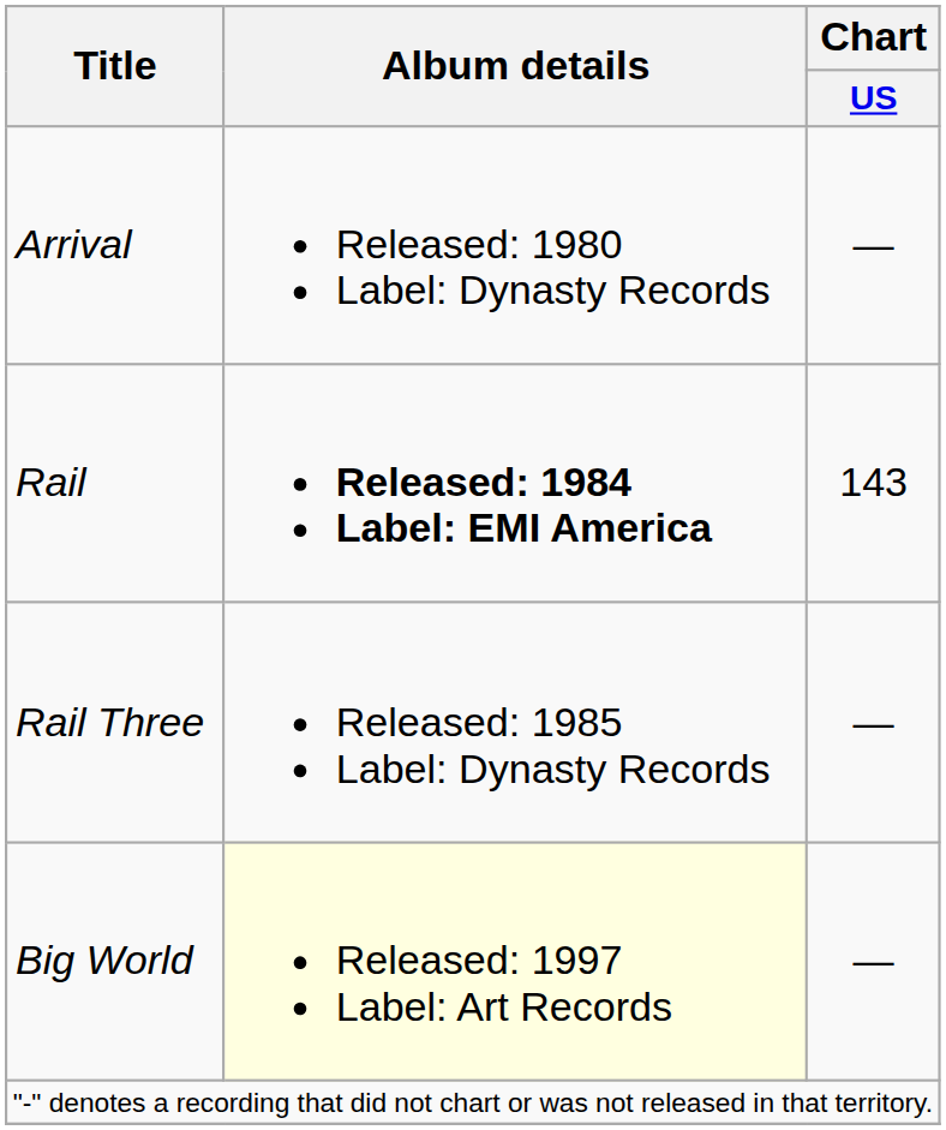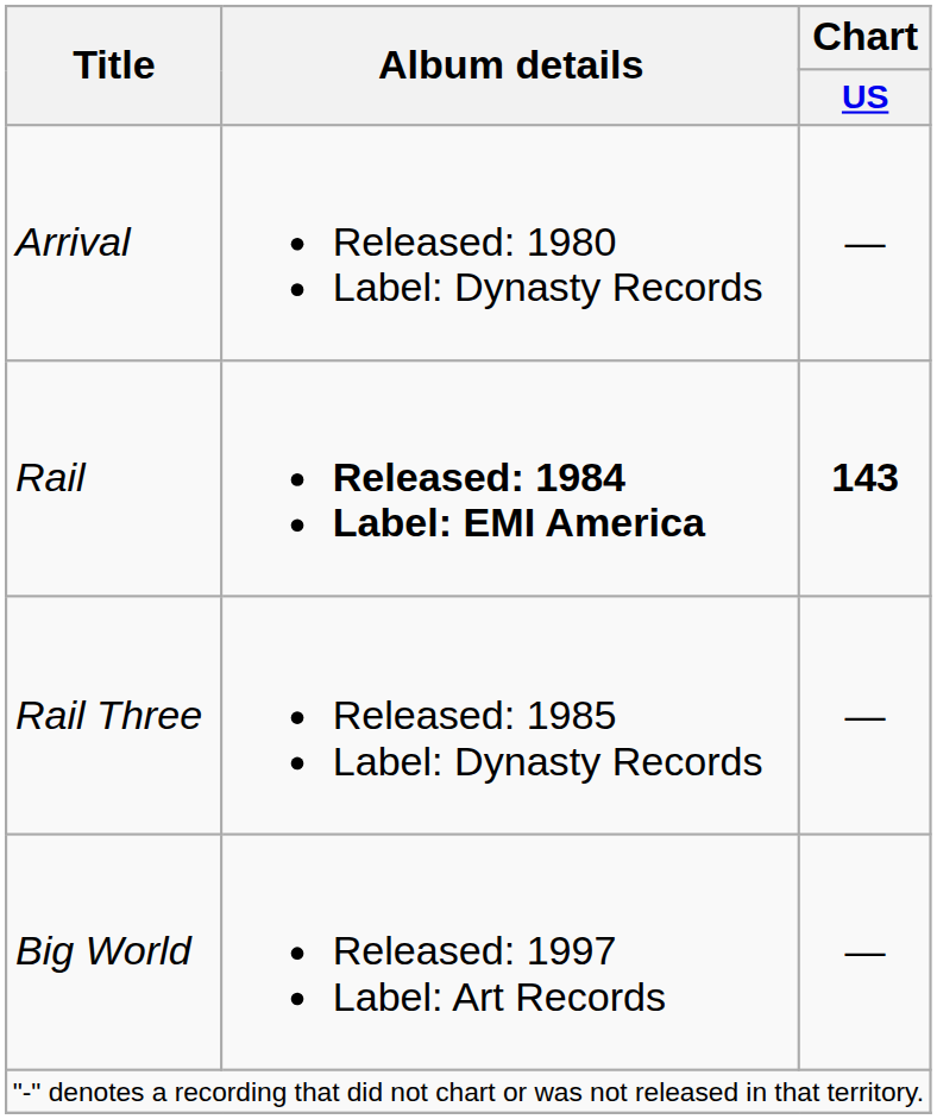 <table Class = "wikitable">
 <tr>
 <th rowspan = "2">Title</th>
 <th rowspan = "2">Album details</th>
 <th colspan = "1">Chart</th>
 </tr>
 <tr Style = "font-size: smaller;">
 <th><a href='#'>US</a></th>
 </tr>
 <tr>
 <td rowspan="1"><em>Arrival</em></td>
 <td><br><ul><li>Released: 1980</li><li>Label: Dynasty Records</li></ul></td>
 <td align = "center">—</td>
 </tr>
 <tr>
 <td rowspan="1"><em>Rail</em></td>
 <td><strong><br><ul><li>Released: 1984</li><li>Label: EMI America</li></ul></strong></td>
-<td align = "center">143</td>
+<td align = "center"><strong>143</strong></td>
 </tr>
 <tr>
 <td rowspan="1"><em>Rail Three</em></td>
 <td><br><ul><li>Released: 1985</li><li>Label: Dynasty Records</li></ul></td>
 <td align = "center">—</td>
 </tr>
 <tr>
 <td rowspan="1"><em>Big World</em></td>
-<td style="background: lightyellow;"><br><ul><li>Released: 1997</li><li>Label: Art Records</li></ul></td>
+<td><br><ul><li>Released: 1997</li><li>Label: Art Records</li></ul></td>
 <td align = "center">—</td>
 </tr>
 <tr>
 <td align = "center" colspan = "16" style = "font-size: 8pt">"-" denotes a recording that did not chart or was not released in that territory.</td>
 </tr>
 <tr>
 </tr>
 </table>
